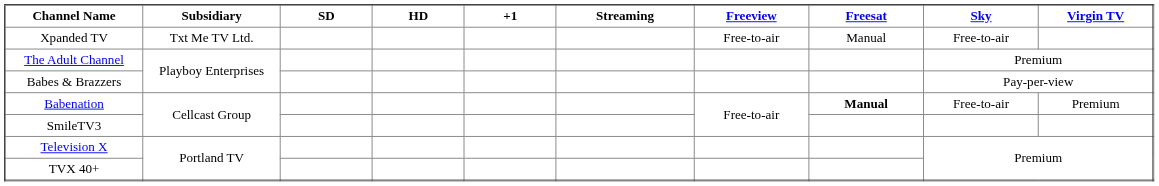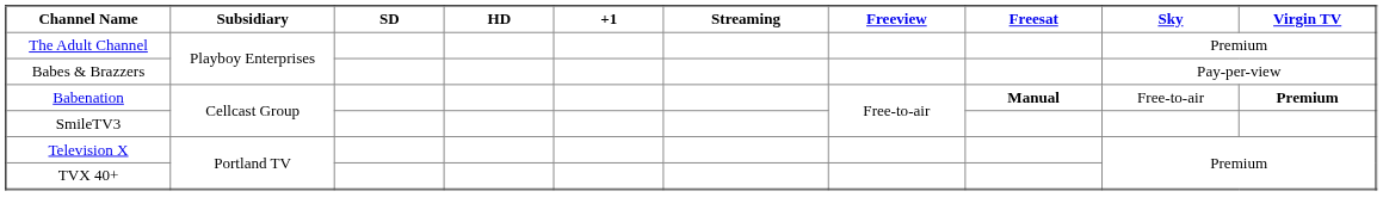 <table class="toccolours sortable" border="2" cellpadding="3" style="border-collapse:collapse; font-size:90%; text-align:center; width:100%;">
 <tr>
 <th style="width:12%;">Channel Name</th>
 <th style="width:12%;">Subsidiary</th>
 <th style="width:8%;">SD</th>
 <th style="width:8%;">HD</th>
 <th style="width:8%;">+1</th>
 <th style="width:12%;">Streaming</th>
 <th style="width:10%;"><a href='#'>Freeview</a></th>
 <th style="width:10%;"><a href='#'>Freesat</a></th>
 <th style="width:10%;"><a href='#'>Sky</a></th>
 <th style="width:10%;"><a href='#'>Virgin TV</a></th>
-</tr>
-<tr>
-<td>Xpanded TV</td>
-<td>Txt Me TV Ltd.</td>
-<td></td>
-<td></td>
-<td></td>
-<td></td>
-<td>Free-to-air</td>
-<td>Manual</td>
-<td>Free-to-air</td>
-<td></td>
 </tr>
 <tr>
 <td><a href='#'>The Adult Channel</a></td>
 <td rowspan="2">Playboy Enterprises</td>
 <td></td>
 <td></td>
 <td></td>
 <td></td>
 <td></td>
 <td></td>
 <td colspan="2">Premium</td>
 </tr>
 <tr>
 <td>Babes & Brazzers</td>
 <td></td>
 <td></td>
 <td></td>
 <td></td>
 <td></td>
 <td></td>
 <td colspan="2">Pay-per-view</td>
 </tr>
 <tr>
 <td><a href='#'>Babenation</a></td>
 <td rowspan="2">Cellcast Group</td>
 <td></td>
 <td></td>
 <td></td>
 <td></td>
 <td rowspan="2">Free-to-air</td>
 <td><strong>Manual</strong></td>
 <td>Free-to-air</td>
-<td>Premium</td>
+<td><strong>Premium</strong></td>
 </tr>
 <tr>
 <td>SmileTV3</td>
 <td></td>
 <td></td>
 <td></td>
 <td></td>
 <td></td>
 <td></td>
 <td></td>
 </tr>
 <tr>
 <td><a href='#'>Television X</a></td>
 <td rowspan="2">Portland TV</td>
 <td></td>
 <td></td>
 <td></td>
 <td></td>
 <td></td>
 <td></td>
 <td colspan="2" rowspan="2">Premium</td>
 </tr>
 <tr>
 <td>TVX 40+</td>
 <td></td>
 <td></td>
 <td></td>
 <td></td>
 <td></td>
 <td></td>
 </tr>
 </table>
